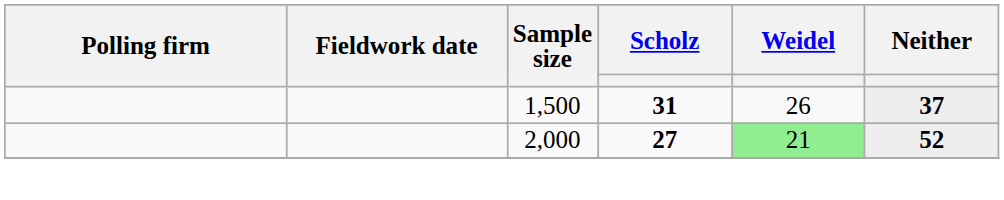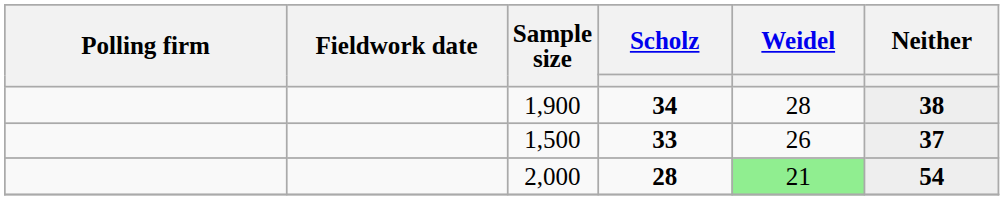 <table class="wikitable sortable mw-datatable" style="text-align:center;font-size:90%;line-height:14px;">
 <tr style="height:40px;">
 <th style="width:155px;" rowspan="2">Polling firm</th>
 <th style="width:120px;" rowspan="2">Fieldwork date</th>
 <th style="width: 35px;" rowspan="2">Sample<br>size</th>
 <th class="unsortable" style="width:70px;"><a href='#'>Scholz</a><br></th>
 <th class="unsortable" style="width:70px;"><a href='#'>Weidel</a><br></th>
 <th class="unsortable" style="width:70px;">Neither</th>
 </tr>
 <tr>
 <th style="background:"></th>
 <th style="background:"></th>
 <th style="background:"></th>
 </tr>
 <tr>
 <td></td>
 <td></td>
+<td>1,900</td>
+<td><strong>34</strong></td>
+<td>28</td>
+<td style="background:#EEEEEE;"><strong>38</strong></td>
+</tr>
+<tr>
+<td></td>
+<td></td>
 <td>1,500</td>
-<td><strong>31</strong></td>
+<td><strong>33</strong></td>
 <td>26</td>
 <td style="background:#EEEEEE;"><strong>37</strong></td>
 </tr>
 <tr>
 <td></td>
 <td></td>
 <td>2,000</td>
-<td><strong>27</strong></td>
+<td><strong>28</strong></td>
 <td style="background: lightgreen;">21</td>
-<td style="background:#EEEEEE;"><strong>52</strong></td>
+<td style="background:#EEEEEE;"><strong>54</strong></td>
 </tr>
 <tr>
 </tr>
 </table>
